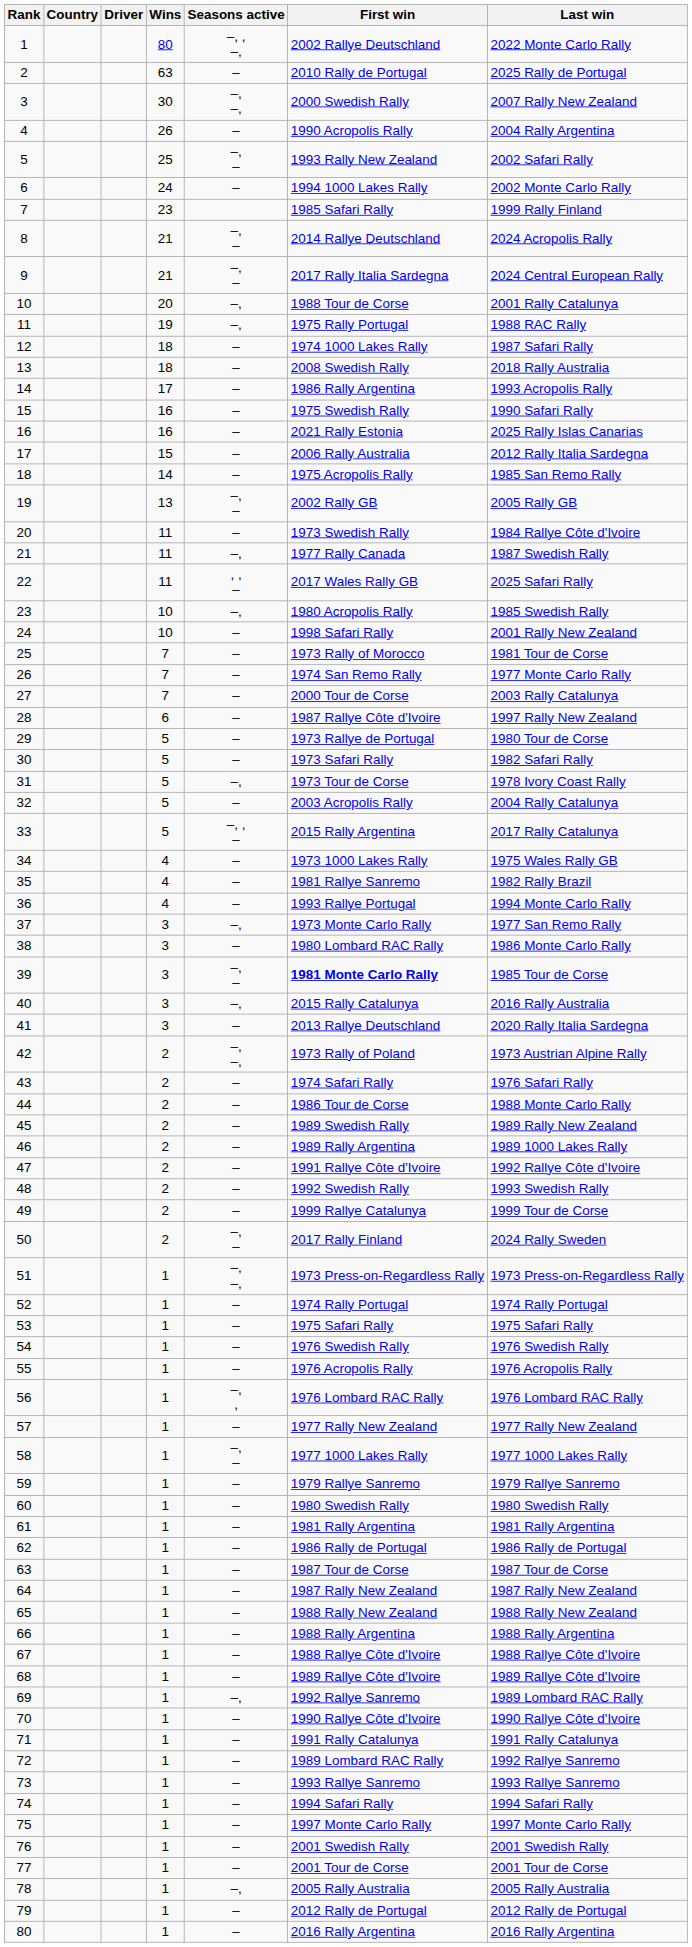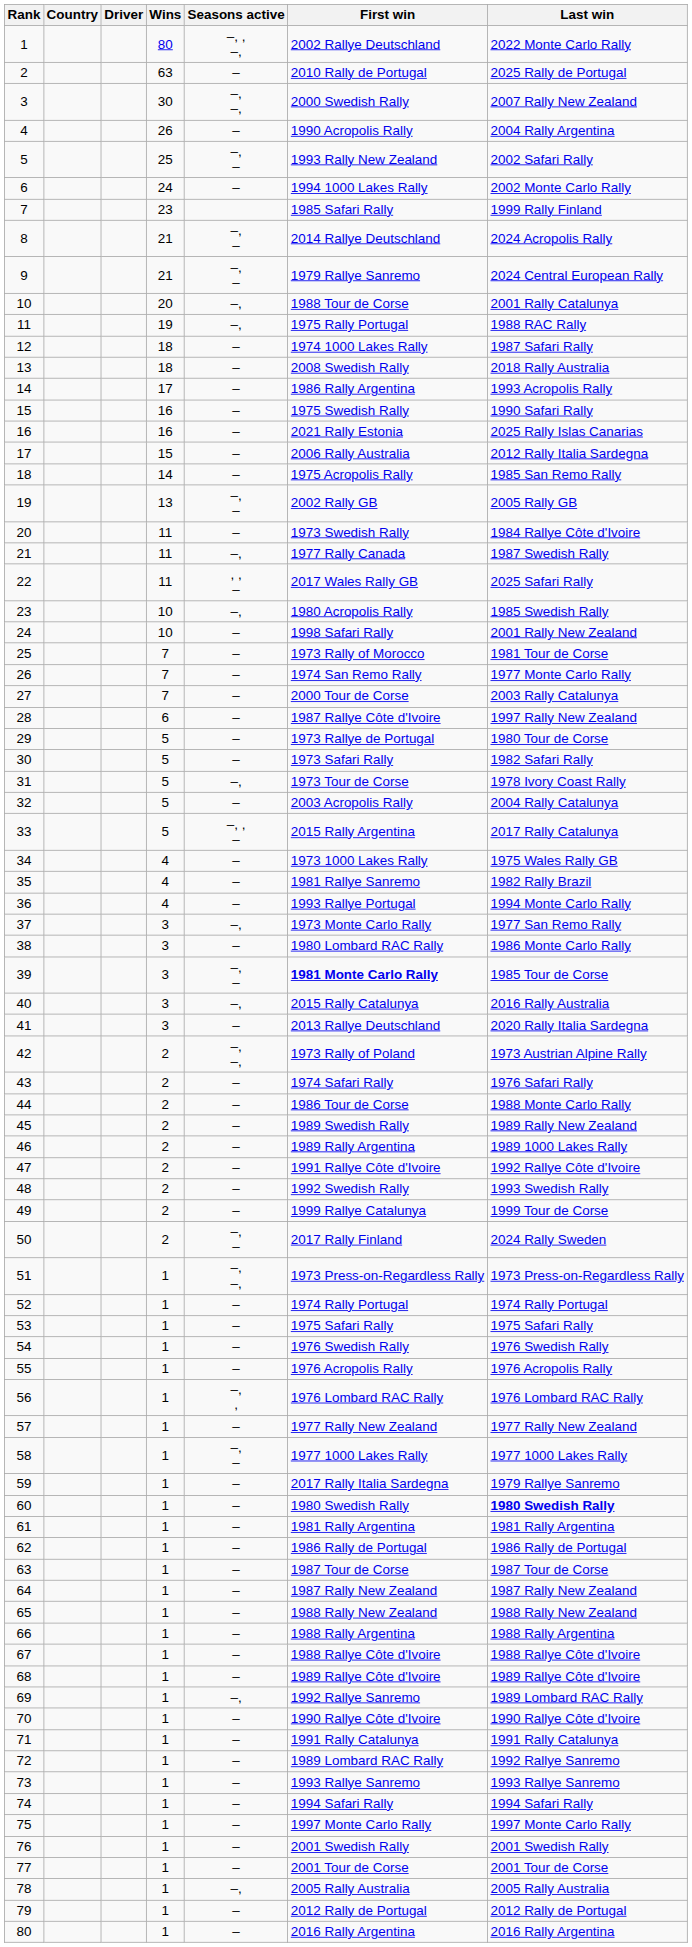 <table class="sortable plainrowheaders wikitable">
 <tr>
 <th scope=col>Rank</th>
 <th scope=col>Country</th>
 <th scope=col>Driver</th>
 <th scope=col>Wins</th>
 <th scope=col>Seasons active</th>
 <th scope=col>First win</th>
 <th scope=col>Last win</th>
 </tr>
 <tr>
 <td align=center>1</td>
 <td></td>
 <td scope=row><em></em></td>
 <td align=center><a href='#'>80</a></td>
 <td align=center>–, , <br>–, </td>
 <td><a href='#'>2002 Rallye Deutschland</a></td>
 <td><a href='#'>2022 Monte Carlo Rally</a></td>
 </tr>
 <tr>
 <td align=center>2</td>
 <td></td>
 <td scope=row><strong><em></em></strong></td>
 <td align=center>63</td>
 <td align=center>–</td>
 <td><a href='#'>2010 Rally de Portugal</a></td>
 <td><a href='#'>2025 Rally de Portugal</a></td>
 </tr>
 <tr>
 <td align=center>3</td>
 <td></td>
 <td scope=row><em></em></td>
 <td align=center>30</td>
 <td align=center>–,<br>–, </td>
 <td><a href='#'>2000 Swedish Rally</a></td>
 <td><a href='#'>2007 Rally New Zealand</a></td>
 </tr>
 <tr>
 <td align=center>4</td>
 <td></td>
 <td scope=row><em></em></td>
 <td align=center>26</td>
 <td align=center>–</td>
 <td><a href='#'>1990 Acropolis Rally</a></td>
 <td><a href='#'>2004 Rally Argentina</a></td>
 </tr>
 <tr>
 <td align=center>5</td>
 <td></td>
 <td scope=row><em></em></td>
 <td align=center>25</td>
 <td align=center>–,<br>–</td>
 <td><a href='#'>1993 Rally New Zealand</a></td>
 <td><a href='#'>2002 Safari Rally</a></td>
 </tr>
 <tr>
 <td align=center>6</td>
 <td></td>
 <td scope=row><em></em></td>
 <td align=center>24</td>
 <td align=center>–</td>
 <td><a href='#'>1994 1000 Lakes Rally</a></td>
 <td><a href='#'>2002 Monte Carlo Rally</a></td>
 </tr>
 <tr>
 <td align=center>7</td>
 <td></td>
 <td scope=row><em></em></td>
 <td align=center>23</td>
 <td align=center><br></td>
 <td><a href='#'>1985 Safari Rally</a></td>
 <td><a href='#'>1999 Rally Finland</a></td>
 </tr>
 <tr>
 <td align="center">8</td>
 <td></td>
 <td scope="row"><strong><em></em></strong></td>
 <td align="center">21</td>
 <td align="center">–,<br>–</td>
 <td><a href='#'>2014 Rallye Deutschland</a></td>
 <td><a href='#'>2024 Acropolis Rally</a></td>
 </tr>
 <tr>
 <td align=center>9</td>
 <td></td>
 <td scope=row><strong><em></em></strong></td>
 <td align=center>21</td>
 <td align=center>–,<br>–</td>
-<td><a href='#'>2017 Rally Italia Sardegna</a></td>
+<td><a href='#'>1979 Rallye Sanremo</a></td>
 <td><a href='#'>2024 Central European Rally</a></td>
 </tr>
 <tr>
 <td align=center>10</td>
 <td></td>
 <td scope=row><em></em></td>
 <td align=center>20</td>
 <td align=center>–, </td>
 <td><a href='#'>1988 Tour de Corse</a></td>
 <td><a href='#'>2001 Rally Catalunya</a></td>
 </tr>
 <tr>
 <td align=center>11</td>
 <td></td>
 <td scope=row><em></em></td>
 <td align=center>19</td>
 <td align=center>–, </td>
 <td><a href='#'>1975 Rally Portugal</a></td>
 <td><a href='#'>1988 RAC Rally</a></td>
 </tr>
 <tr>
 <td align=center>12</td>
 <td></td>
 <td scope=row><em></em></td>
 <td align=center>18</td>
 <td align=center>–</td>
 <td><a href='#'>1974 1000 Lakes Rally</a></td>
 <td><a href='#'>1987 Safari Rally</a></td>
 </tr>
 <tr>
 <td align=center>13</td>
 <td></td>
 <td scope=row></td>
 <td align=center>18</td>
 <td align=center>–</td>
 <td><a href='#'>2008 Swedish Rally</a></td>
 <td><a href='#'>2018 Rally Australia</a></td>
 </tr>
 <tr>
 <td align=center>14</td>
 <td></td>
 <td scope=row><em></em></td>
 <td align=center>17</td>
 <td align=center>–</td>
 <td><a href='#'>1986 Rally Argentina</a></td>
 <td><a href='#'>1993 Acropolis Rally</a></td>
 </tr>
 <tr>
 <td align=center>15</td>
 <td></td>
 <td scope=row><em></em></td>
 <td align=center>16</td>
 <td align=center>–</td>
 <td><a href='#'>1975 Swedish Rally</a></td>
 <td><a href='#'>1990 Safari Rally</a></td>
 </tr>
 <tr>
 <td align="center">16</td>
 <td></td>
 <td scope="row"><strong><em></em></strong></td>
 <td align="center">16</td>
 <td align="center">–</td>
 <td><a href='#'>2021 Rally Estonia</a></td>
 <td><a href='#'>2025 Rally Islas Canarias</a></td>
 </tr>
 <tr>
 <td align=center>17</td>
 <td></td>
 <td scope=row></td>
 <td align=center>15</td>
 <td align=center>–</td>
 <td><a href='#'>2006 Rally Australia</a></td>
 <td><a href='#'>2012 Rally Italia Sardegna</a></td>
 </tr>
 <tr>
 <td align="center">18</td>
 <td></td>
 <td scope="row"><em></em></td>
 <td align="center">14</td>
 <td align="center">–</td>
 <td><a href='#'>1975 Acropolis Rally</a></td>
 <td><a href='#'>1985 San Remo Rally</a></td>
 </tr>
 <tr>
 <td align=center>19</td>
 <td></td>
 <td scope=row><em></em></td>
 <td align=center>13</td>
 <td align=center>–,<br>–</td>
 <td><a href='#'>2002 Rally GB</a></td>
 <td><a href='#'>2005 Rally GB</a></td>
 </tr>
 <tr>
 <td align=center>20</td>
 <td></td>
 <td scope=row><em></em></td>
 <td align=center>11</td>
 <td align=center>–</td>
 <td><a href='#'>1973 Swedish Rally</a></td>
 <td><a href='#'>1984 Rallye Côte d'Ivoire</a></td>
 </tr>
 <tr>
 <td align=center>21</td>
 <td></td>
 <td scope=row><em></em></td>
 <td align=center>11</td>
 <td align=center>–, </td>
 <td><a href='#'>1977 Rally Canada</a></td>
 <td><a href='#'>1987 Swedish Rally</a></td>
 </tr>
 <tr>
 <td align="center">22</td>
 <td></td>
 <td scope="row"><strong></strong></td>
 <td align="center">11</td>
 <td align="center">, ,<br>–</td>
 <td><a href='#'>2017 Wales Rally GB</a></td>
 <td><a href='#'>2025 Safari Rally</a></td>
 </tr>
 <tr>
 <td align=center>23</td>
 <td></td>
 <td scope=row><em></em></td>
 <td align=center>10</td>
 <td align=center>–, </td>
 <td><a href='#'>1980 Acropolis Rally</a></td>
 <td><a href='#'>1985 Swedish Rally</a></td>
 </tr>
 <tr>
 <td align=center>24</td>
 <td></td>
 <td scope=row><em></em></td>
 <td align=center>10</td>
 <td align=center>–</td>
 <td><a href='#'>1998 Safari Rally</a></td>
 <td><a href='#'>2001 Rally New Zealand</a></td>
 </tr>
 <tr>
 <td align=center>25</td>
 <td></td>
 <td scope=row></td>
 <td align=center>7</td>
 <td align=center>–</td>
 <td><a href='#'>1973 Rally of Morocco</a></td>
 <td><a href='#'>1981 Tour de Corse</a></td>
 </tr>
 <tr>
 <td align=center>26</td>
 <td></td>
 <td scope=row><em></em></td>
 <td align=center>7</td>
 <td align=center>–</td>
 <td><a href='#'>1974 San Remo Rally</a></td>
 <td><a href='#'>1977 Monte Carlo Rally</a></td>
 </tr>
 <tr>
 <td align=center>27</td>
 <td></td>
 <td scope=row></td>
 <td align=center>7</td>
 <td align=center>–</td>
 <td><a href='#'>2000 Tour de Corse</a></td>
 <td><a href='#'>2003 Rally Catalunya</a></td>
 </tr>
 <tr>
 <td align=center>28</td>
 <td></td>
 <td scope=row></td>
 <td align=center>6</td>
 <td align=center>–</td>
 <td><a href='#'>1987 Rallye Côte d'Ivoire</a></td>
 <td><a href='#'>1997 Rally New Zealand</a></td>
 </tr>
 <tr>
 <td align=center>29</td>
 <td></td>
 <td scope=row></td>
 <td align=center>5</td>
 <td align=center>–</td>
 <td><a href='#'>1973 Rallye de Portugal</a></td>
 <td><a href='#'>1980 Tour de Corse</a></td>
 </tr>
 <tr>
 <td align=center>30</td>
 <td></td>
 <td scope=row></td>
 <td align=center>5</td>
 <td align=center>–</td>
 <td><a href='#'>1973 Safari Rally</a></td>
 <td><a href='#'>1982 Safari Rally</a></td>
 </tr>
 <tr>
 <td align=center>31</td>
 <td></td>
 <td scope=row></td>
 <td align=center>5</td>
 <td align=center>–, </td>
 <td><a href='#'>1973 Tour de Corse</a></td>
 <td><a href='#'>1978 Ivory Coast Rally</a></td>
 </tr>
 <tr>
 <td align=center>32</td>
 <td></td>
 <td scope=row></td>
 <td align=center>5</td>
 <td align=center>–</td>
 <td><a href='#'>2003 Acropolis Rally</a></td>
 <td><a href='#'>2004 Rally Catalunya</a></td>
 </tr>
 <tr>
 <td align=center>33</td>
 <td></td>
 <td scope=row></td>
 <td align=center>5</td>
 <td align=center>–, ,<br>–</td>
 <td><a href='#'>2015 Rally Argentina</a></td>
 <td><a href='#'>2017 Rally Catalunya</a></td>
 </tr>
 <tr>
 <td align=center>34</td>
 <td></td>
 <td scope=row></td>
 <td align=center>4</td>
 <td align=center>–</td>
 <td><a href='#'>1973 1000 Lakes Rally</a></td>
 <td><a href='#'>1975 Wales Rally GB</a></td>
 </tr>
 <tr>
 <td align=center>35</td>
 <td></td>
 <td scope=row></td>
 <td align=center>4</td>
 <td align=center>–</td>
 <td><a href='#'>1981 Rallye Sanremo</a></td>
 <td><a href='#'>1982 Rally Brazil</a></td>
 </tr>
 <tr>
 <td align=center>36</td>
 <td></td>
 <td scope=row></td>
 <td align=center>4</td>
 <td align=center>–</td>
 <td><a href='#'>1993 Rallye Portugal</a></td>
 <td><a href='#'>1994 Monte Carlo Rally</a></td>
 </tr>
 <tr>
 <td align=center>37</td>
 <td></td>
 <td scope=row></td>
 <td align=center>3</td>
 <td align=center>–, </td>
 <td><a href='#'>1973 Monte Carlo Rally</a></td>
 <td><a href='#'>1977 San Remo Rally</a></td>
 </tr>
 <tr>
 <td align=center>38</td>
 <td></td>
 <td scope=row></td>
 <td align=center>3</td>
 <td align=center>–</td>
 <td><a href='#'>1980 Lombard RAC Rally</a></td>
 <td><a href='#'>1986 Monte Carlo Rally</a></td>
 </tr>
 <tr>
 <td align=center>39</td>
 <td></td>
 <td scope=row></td>
 <td align=center>3</td>
 <td align=center>–,<br>–</td>
 <td><strong><a href='#'>1981 Monte Carlo Rally</a></strong></td>
 <td><a href='#'>1985 Tour de Corse</a></td>
 </tr>
 <tr>
 <td align=center>40</td>
 <td></td>
 <td scope=row></td>
 <td align=center>3</td>
 <td align=center>–, </td>
 <td><a href='#'>2015 Rally Catalunya</a></td>
 <td><a href='#'>2016 Rally Australia</a></td>
 </tr>
 <tr>
 <td align=center>41</td>
 <td></td>
 <td scope=row></td>
 <td align=center>3</td>
 <td align=center>–</td>
 <td><a href='#'>2013 Rallye Deutschland</a></td>
 <td><a href='#'>2020 Rally Italia Sardegna</a></td>
 </tr>
 <tr>
 <td align=center>42</td>
 <td></td>
 <td scope=row></td>
 <td align=center>2</td>
 <td align=center>–,<br>–, </td>
 <td><a href='#'>1973 Rally of Poland</a></td>
 <td><a href='#'>1973 Austrian Alpine Rally</a></td>
 </tr>
 <tr>
 <td align=center>43</td>
 <td></td>
 <td scope=row></td>
 <td align=center>2</td>
 <td align=center>–</td>
 <td><a href='#'>1974 Safari Rally</a></td>
 <td><a href='#'>1976 Safari Rally</a></td>
 </tr>
 <tr>
 <td align=center>44</td>
 <td></td>
 <td scope=row></td>
 <td align=center>2</td>
 <td align=center>–</td>
 <td><a href='#'>1986 Tour de Corse</a></td>
 <td><a href='#'>1988 Monte Carlo Rally</a></td>
 </tr>
 <tr>
 <td align=center>45</td>
 <td></td>
 <td scope=row></td>
 <td align=center>2</td>
 <td align=center>–</td>
 <td><a href='#'>1989 Swedish Rally</a></td>
 <td><a href='#'>1989 Rally New Zealand</a></td>
 </tr>
 <tr>
 <td align=center>46</td>
 <td></td>
 <td scope=row></td>
 <td align=center>2</td>
 <td align=center>–</td>
 <td><a href='#'>1989 Rally Argentina</a></td>
 <td><a href='#'>1989 1000 Lakes Rally</a></td>
 </tr>
 <tr>
 <td align=center>47</td>
 <td></td>
 <td scope=row></td>
 <td align=center>2</td>
 <td align=center>–</td>
 <td><a href='#'>1991 Rallye Côte d'Ivoire</a></td>
 <td><a href='#'>1992 Rallye Côte d'Ivoire</a></td>
 </tr>
 <tr>
 <td align=center>48</td>
 <td></td>
 <td scope=row></td>
 <td align=center>2</td>
 <td align=center>–</td>
 <td><a href='#'>1992 Swedish Rally</a></td>
 <td><a href='#'>1993 Swedish Rally</a></td>
 </tr>
 <tr>
 <td align=center>49</td>
 <td></td>
 <td scope=row></td>
 <td align=center>2</td>
 <td align=center>–</td>
 <td><a href='#'>1999 Rallye Catalunya</a></td>
 <td><a href='#'>1999 Tour de Corse</a></td>
 </tr>
 <tr>
 <td align=center>50</td>
 <td></td>
 <td scope=row></td>
 <td align=center>2</td>
 <td align=center>–,<br>–</td>
 <td><a href='#'>2017 Rally Finland</a></td>
 <td><a href='#'>2024 Rally Sweden</a></td>
 </tr>
 <tr>
 <td align=center>51</td>
 <td></td>
 <td scope=row></td>
 <td align=center>1</td>
 <td align=center>–,<br>–, </td>
 <td><a href='#'>1973 Press-on-Regardless Rally</a></td>
 <td><a href='#'>1973 Press-on-Regardless Rally</a></td>
 </tr>
 <tr>
 <td align=center>52</td>
 <td></td>
 <td scope=row></td>
 <td align=center>1</td>
 <td align=center>–</td>
 <td><a href='#'>1974 Rally Portugal</a></td>
 <td><a href='#'>1974 Rally Portugal</a></td>
 </tr>
 <tr>
 <td align=center>53</td>
 <td></td>
 <td scope=row></td>
 <td align=center>1</td>
 <td align=center>–</td>
 <td><a href='#'>1975 Safari Rally</a></td>
 <td><a href='#'>1975 Safari Rally</a></td>
 </tr>
 <tr>
 <td align=center>54</td>
 <td></td>
 <td scope=row></td>
 <td align=center>1</td>
 <td align=center>–</td>
 <td><a href='#'>1976 Swedish Rally</a></td>
 <td><a href='#'>1976 Swedish Rally</a></td>
 </tr>
 <tr>
 <td align=center>55</td>
 <td></td>
 <td scope=row></td>
 <td align=center>1</td>
 <td align=center>–</td>
 <td><a href='#'>1976 Acropolis Rally</a></td>
 <td><a href='#'>1976 Acropolis Rally</a></td>
 </tr>
 <tr>
 <td align=center>56</td>
 <td></td>
 <td scope=row></td>
 <td align=center>1</td>
 <td align=center>–,<br>, </td>
 <td><a href='#'>1976 Lombard RAC Rally</a></td>
 <td><a href='#'>1976 Lombard RAC Rally</a></td>
 </tr>
 <tr>
 <td align=center>57</td>
 <td></td>
 <td scope=row></td>
 <td align=center>1</td>
 <td align=center>–</td>
 <td><a href='#'>1977 Rally New Zealand</a></td>
 <td><a href='#'>1977 Rally New Zealand</a></td>
 </tr>
 <tr>
 <td align=center>58</td>
 <td></td>
 <td scope=row></td>
 <td align=center>1</td>
 <td align=center>–,<br>–</td>
 <td><a href='#'>1977 1000 Lakes Rally</a></td>
 <td><a href='#'>1977 1000 Lakes Rally</a></td>
 </tr>
 <tr>
 <td align=center>59</td>
 <td></td>
 <td scope=row></td>
 <td align=center>1</td>
 <td align=center>–</td>
-<td><a href='#'>1979 Rallye Sanremo</a></td>
+<td><a href='#'>2017 Rally Italia Sardegna</a></td>
 <td><a href='#'>1979 Rallye Sanremo</a></td>
 </tr>
 <tr>
 <td align=center>60</td>
 <td></td>
 <td scope=row></td>
 <td align=center>1</td>
 <td align=center>–</td>
 <td><a href='#'>1980 Swedish Rally</a></td>
-<td><a href='#'>1980 Swedish Rally</a></td>
+<td><strong><a href='#'>1980 Swedish Rally</a></strong></td>
 </tr>
 <tr>
 <td align=center>61</td>
 <td></td>
 <td scope=row></td>
 <td align=center>1</td>
 <td align=center>–</td>
 <td><a href='#'>1981 Rally Argentina</a></td>
 <td><a href='#'>1981 Rally Argentina</a></td>
 </tr>
 <tr>
 <td align=center>62</td>
 <td></td>
 <td scope=row></td>
 <td align=center>1</td>
 <td align=center>–</td>
 <td><a href='#'>1986 Rally de Portugal</a></td>
 <td><a href='#'>1986 Rally de Portugal</a></td>
 </tr>
 <tr>
 <td align=center>63</td>
 <td></td>
 <td scope=row></td>
 <td align=center>1</td>
 <td align=center>–</td>
 <td><a href='#'>1987 Tour de Corse</a></td>
 <td><a href='#'>1987 Tour de Corse</a></td>
 </tr>
 <tr>
 <td align=center>64</td>
 <td></td>
 <td scope=row></td>
 <td align=center>1</td>
 <td align=center>–</td>
 <td><a href='#'>1987 Rally New Zealand</a></td>
 <td><a href='#'>1987 Rally New Zealand</a></td>
 </tr>
 <tr>
 <td align=center>65</td>
 <td></td>
 <td scope=row></td>
 <td align=center>1</td>
 <td align=center>–</td>
 <td><a href='#'>1988 Rally New Zealand</a></td>
 <td><a href='#'>1988 Rally New Zealand</a></td>
 </tr>
 <tr>
 <td align=center>66</td>
 <td></td>
 <td scope=row></td>
 <td align=center>1</td>
 <td align=center>–</td>
 <td><a href='#'>1988 Rally Argentina</a></td>
 <td><a href='#'>1988 Rally Argentina</a></td>
 </tr>
 <tr>
 <td align=center>67</td>
 <td></td>
 <td scope=row></td>
 <td align=center>1</td>
 <td align=center>–</td>
 <td><a href='#'>1988 Rallye Côte d'Ivoire</a></td>
 <td><a href='#'>1988 Rallye Côte d'Ivoire</a></td>
 </tr>
 <tr>
 <td align=center>68</td>
 <td></td>
 <td scope=row></td>
 <td align=center>1</td>
 <td align=center>–</td>
 <td><a href='#'>1989 Rallye Côte d'Ivoire</a></td>
 <td><a href='#'>1989 Rallye Côte d'Ivoire</a></td>
 </tr>
 <tr>
 <td align=center>69</td>
 <td></td>
 <td scope=row></td>
 <td align=center>1</td>
 <td align=center>–, </td>
 <td><a href='#'>1992 Rallye Sanremo</a></td>
 <td><a href='#'>1989 Lombard RAC Rally</a></td>
 </tr>
 <tr>
 <td align=center>70</td>
 <td></td>
 <td scope=row></td>
 <td align=center>1</td>
 <td align=center>–</td>
 <td><a href='#'>1990 Rallye Côte d'Ivoire</a></td>
 <td><a href='#'>1990 Rallye Côte d'Ivoire</a></td>
 </tr>
 <tr>
 <td align=center>71</td>
 <td></td>
 <td scope=row></td>
 <td align=center>1</td>
 <td align=center>–</td>
 <td><a href='#'>1991 Rally Catalunya</a></td>
 <td><a href='#'>1991 Rally Catalunya</a></td>
 </tr>
 <tr>
 <td align=center>72</td>
 <td></td>
 <td scope=row></td>
 <td align=center>1</td>
 <td align=center>–</td>
 <td><a href='#'>1989 Lombard RAC Rally</a></td>
 <td><a href='#'>1992 Rallye Sanremo</a></td>
 </tr>
 <tr>
 <td align=center>73</td>
 <td></td>
 <td scope=row></td>
 <td align=center>1</td>
 <td align=center>–</td>
 <td><a href='#'>1993 Rallye Sanremo</a></td>
 <td><a href='#'>1993 Rallye Sanremo</a></td>
 </tr>
 <tr>
 <td align=center>74</td>
 <td></td>
 <td scope=row></td>
 <td align=center>1</td>
 <td align=center>–</td>
 <td><a href='#'>1994 Safari Rally</a></td>
 <td><a href='#'>1994 Safari Rally</a></td>
 </tr>
 <tr>
 <td align=center>75</td>
 <td></td>
 <td scope=row></td>
 <td align=center>1</td>
 <td align=center>–</td>
 <td><a href='#'>1997 Monte Carlo Rally</a></td>
 <td><a href='#'>1997 Monte Carlo Rally</a></td>
 </tr>
 <tr>
 <td align=center>76</td>
 <td></td>
 <td scope=row></td>
 <td align=center>1</td>
 <td align=center>–</td>
 <td><a href='#'>2001 Swedish Rally</a></td>
 <td><a href='#'>2001 Swedish Rally</a></td>
 </tr>
 <tr>
 <td align=center>77</td>
 <td></td>
 <td scope=row></td>
 <td align=center>1</td>
 <td align=center>–</td>
 <td><a href='#'>2001 Tour de Corse</a></td>
 <td><a href='#'>2001 Tour de Corse</a></td>
 </tr>
 <tr>
 <td align=center>78</td>
 <td></td>
 <td scope=row></td>
 <td align=center>1</td>
 <td align=center>–, </td>
 <td><a href='#'>2005 Rally Australia</a></td>
 <td><a href='#'>2005 Rally Australia</a></td>
 </tr>
 <tr>
 <td align=center>79</td>
 <td></td>
 <td scope=row></td>
 <td align=center>1</td>
 <td align=center>–</td>
 <td><a href='#'>2012 Rally de Portugal</a></td>
 <td><a href='#'>2012 Rally de Portugal</a></td>
 </tr>
 <tr>
 <td align=center>80</td>
 <td></td>
 <td scope=row></td>
 <td align=center>1</td>
 <td align=center>–</td>
 <td><a href='#'>2016 Rally Argentina</a></td>
 <td><a href='#'>2016 Rally Argentina</a></td>
 </tr>
 </table>
